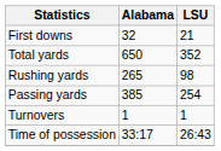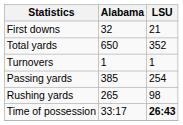 <table class="wikitable" style="float: left;">
 <tr>
 <th>Statistics</th>
 <th>Alabama</th>
 <th>LSU</th>
 </tr>
 <tr>
 <td>First downs</td>
 <td>32</td>
 <td>21</td>
 </tr>
 <tr>
 <td>Total yards</td>
 <td>650</td>
 <td>352</td>
 </tr>
 <tr>
-<td>Rushing yards</td>
-<td>265</td>
-<td>98</td>
+<td>Turnovers</td>
+<td>1</td>
+<td>1</td>
 </tr>
 <tr>
 <td>Passing yards</td>
 <td>385</td>
 <td>254</td>
 </tr>
 <tr>
-<td>Turnovers</td>
-<td>1</td>
-<td>1</td>
+<td>Rushing yards</td>
+<td>265</td>
+<td>98</td>
 </tr>
 <tr>
 <td>Time of possession</td>
 <td>33:17</td>
-<td>26:43</td>
+<td><strong>26:43</strong></td>
 </tr>
 <tr>
 </tr>
 </table>
